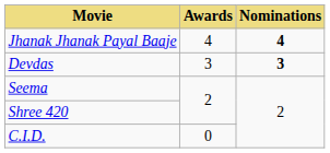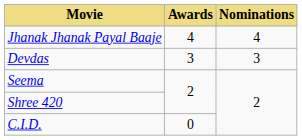 <table class="wikitable sortable" style="text-align:center">
 <tr>
 <th style="background:#EEDD82;">Movie</th>
 <th style="background:#EEDD82;">Awards</th>
 <th style="background:#EEDD82;">Nominations</th>
 </tr>
 <tr>
 <td align="left"><em><a href='#'>Jhanak Jhanak Payal Baaje</a></em></td>
 <td>4</td>
-<td><strong>4</strong></td>
+<td>4</td>
 </tr>
 <tr>
 <td align="left"><em><a href='#'>Devdas</a></em></td>
 <td>3</td>
-<td><strong>3</strong></td>
+<td>3</td>
 </tr>
 <tr>
 <td align="left"><em><a href='#'>Seema</a></em></td>
 <td rowspan="2">2</td>
 <td rowspan="3">2</td>
 </tr>
 <tr>
 <td align="left"><em><a href='#'>Shree 420</a></em></td>
 </tr>
 <tr>
 <td align="left"><em><a href='#'>C.I.D.</a></em></td>
 <td>0</td>
 </tr>
 </table>
